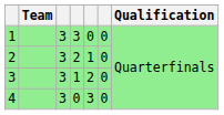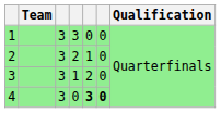 <table class="wikitable">
 <tr>
 <th></th>
 <th>Team</th>
 <th></th>
 <th></th>
 <th></th>
 <th></th>
 <th>Qualification</th>
 </tr>
 <tr bgcolor=lightgreen>
 <td>1</td>
 <td></td>
 <td>3</td>
 <td>3</td>
 <td>0</td>
 <td>0</td>
 <td rowspan=4>Quarterfinals</td>
 </tr>
 <tr bgcolor=lightgreen>
 <td>2</td>
 <td></td>
 <td>3</td>
 <td>2</td>
 <td>1</td>
 <td>0</td>
 </tr>
 <tr bgcolor=lightgreen>
 <td>3</td>
 <td></td>
 <td>3</td>
 <td>1</td>
 <td>2</td>
 <td>0</td>
 </tr>
 <tr bgcolor=lightgreen>
 <td>4</td>
 <td></td>
 <td>3</td>
 <td>0</td>
-<td>3</td>
-<td>0</td>
+<td><strong>3</strong></td>
+<td><strong>0</strong></td>
 </tr>
 </table>
